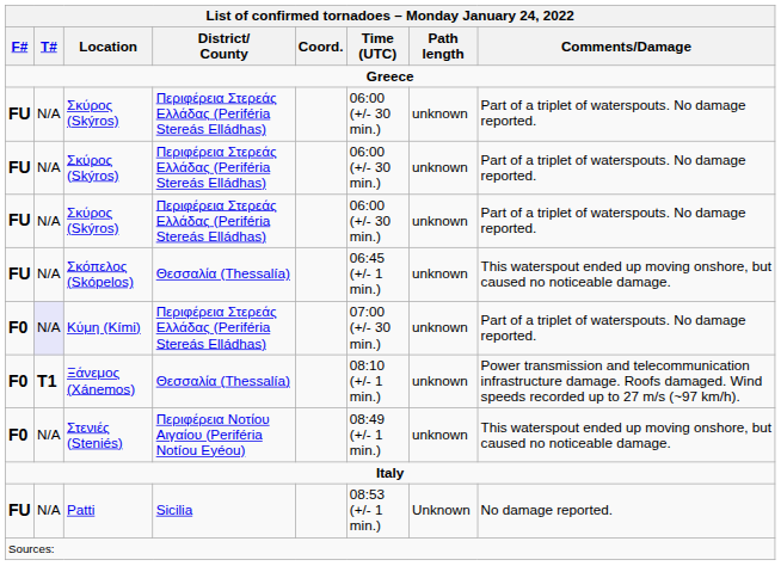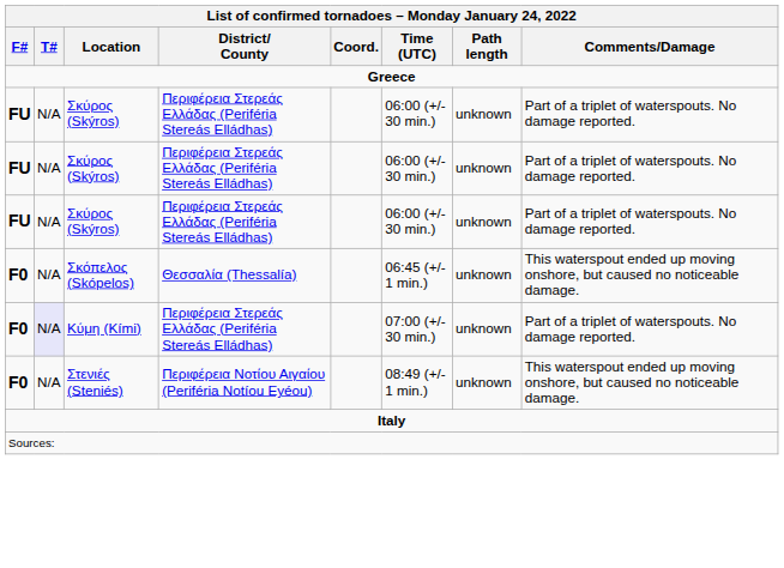 <table class="wikitable collapsible" width="100%">
 <tr>
 <th colspan="8">List of confirmed tornadoes – Monday January 24, 2022</th>
 </tr>
 <tr>
 <th><a href='#'>F#</a></th>
 <th><a href='#'>T#</a></th>
 <th>Location</th>
 <th>District/<br>County</th>
 <th>Coord.</th>
 <th>Time (UTC)</th>
 <th>Path length</th>
 <th>Comments/Damage</th>
 </tr>
 <tr>
 <td colspan="8" align=center><strong>Greece</strong></td>
 </tr>
 <tr>
 <td><big><strong>FU</strong></big></td>
 <td>N/A</td>
 <td><a href='#'>Σκύρος (Skýros)</a></td>
 <td><a href='#'>Περιφέρεια Στερεάς Ελλάδας (Periféria Stereás Elládhas)</a></td>
 <td></td>
 <td>06:00 (+/- 30 min.)</td>
 <td>unknown</td>
 <td>Part of a triplet of waterspouts. No damage reported.</td>
 </tr>
 <tr>
 <td><big><strong>FU</strong></big></td>
 <td>N/A</td>
 <td><a href='#'>Σκύρος (Skýros)</a></td>
 <td><a href='#'>Περιφέρεια Στερεάς Ελλάδας (Periféria Stereás Elládhas)</a></td>
 <td></td>
 <td>06:00 (+/- 30 min.)</td>
 <td>unknown</td>
 <td>Part of a triplet of waterspouts. No damage reported.</td>
 </tr>
 <tr>
 <td><big><strong>FU</strong></big></td>
 <td>N/A</td>
 <td><a href='#'>Σκύρος (Skýros)</a></td>
 <td><a href='#'>Περιφέρεια Στερεάς Ελλάδας (Periféria Stereás Elládhas)</a></td>
 <td></td>
 <td>06:00 (+/- 30 min.)</td>
 <td>unknown</td>
 <td>Part of a triplet of waterspouts. No damage reported.</td>
 </tr>
 <tr>
-<td><big><strong>FU</strong></big></td>
+<td><big><strong>F0</strong></big></td>
 <td>N/A</td>
 <td><a href='#'>Σκόπελος (Skópelos)</a></td>
 <td><a href='#'>Θεσσαλία (Thessalía)</a></td>
 <td></td>
 <td>06:45 (+/- 1 min.)</td>
 <td>unknown</td>
 <td>This waterspout ended up moving onshore, but caused no noticeable damage.</td>
 </tr>
 <tr>
 <td><big><strong>F0</strong></big></td>
 <td style="background: lavender;">N/A</td>
 <td><a href='#'>Κύμη (Kími)</a></td>
 <td><a href='#'>Περιφέρεια Στερεάς Ελλάδας (Periféria Stereás Elládhas)</a></td>
 <td></td>
 <td>07:00 (+/- 30 min.)</td>
 <td>unknown</td>
 <td>Part of a triplet of waterspouts. No damage reported.</td>
 </tr>
 <tr>
 <td><big><strong>F0</strong></big></td>
-<td><big><strong>T1</strong></big></td>
-<td><a href='#'>Ξάνεμος (Xánemos)</a></td>
-<td><a href='#'>Θεσσαλία (Thessalía)</a></td>
-<td></td>
-<td>08:10 (+/- 1 min.)</td>
-<td>unknown</td>
-<td>Power transmission and telecommunication infrastructure damage. Roofs damaged. Wind speeds recorded up to 27 m/s (~97 km/h).</td>
-</tr>
-<tr>
-<td><big><strong>F0</strong></big></td>
 <td>N/A</td>
 <td><a href='#'>Στενιές (Steniés)</a></td>
 <td><a href='#'>Περιφέρεια Νοτίου Αιγαίου (Periféria Notíou Eyéou)</a></td>
 <td></td>
 <td>08:49 (+/- 1 min.)</td>
 <td>unknown</td>
 <td>This waterspout ended up moving onshore, but caused no noticeable damage.</td>
 </tr>
 <tr>
 <td colspan="8" align=center><strong>Italy</strong></td>
 </tr>
 <tr>
-<td><big><strong>FU</strong></big></td>
-<td>N/A</td>
-<td><a href='#'>Patti</a></td>
-<td><a href='#'>Sicilia</a></td>
-<td></td>
-<td>08:53 (+/- 1 min.)</td>
-<td>Unknown</td>
-<td>No damage reported.</td>
-</tr>
-<tr>
 <td colspan="8"><small>Sources:  </small></td>
 </tr>
 </table>
